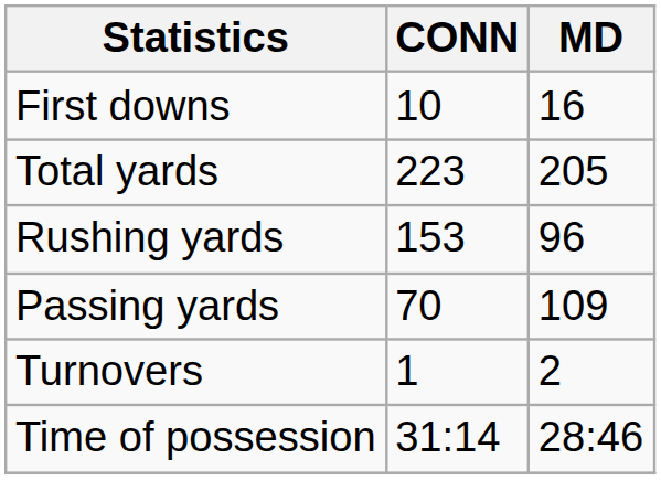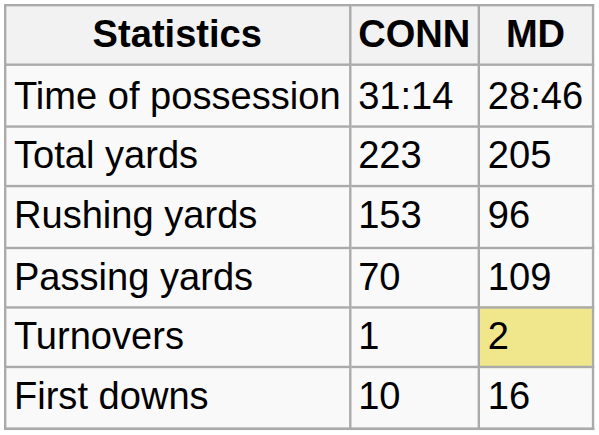 <table class="wikitable">
 <tr>
 <th>Statistics</th>
 <th>CONN</th>
 <th>MD</th>
 </tr>
 <tr>
-<td>First downs</td>
-<td>10</td>
-<td>16</td>
+<td>Time of possession</td>
+<td>31:14</td>
+<td>28:46</td>
 </tr>
 <tr>
 <td>Total yards</td>
 <td>223</td>
 <td>205</td>
 </tr>
 <tr>
 <td>Rushing yards</td>
 <td>153</td>
 <td>96</td>
 </tr>
 <tr>
 <td>Passing yards</td>
 <td>70</td>
 <td>109</td>
 </tr>
 <tr>
 <td>Turnovers</td>
 <td>1</td>
-<td>2</td>
+<td style="background: khaki;">2</td>
 </tr>
 <tr>
-<td>Time of possession</td>
-<td>31:14</td>
-<td>28:46</td>
+<td>First downs</td>
+<td>10</td>
+<td>16</td>
 </tr>
 <tr>
 </tr>
 </table>
